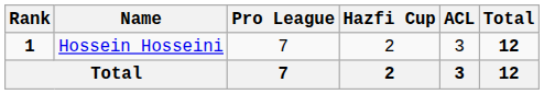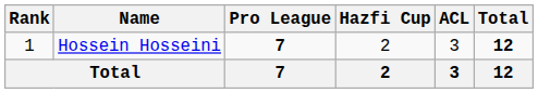 <table class="wikitable" style="text-align: center;">
 <tr>
 <th>Rank</th>
 <th>Name</th>
 <th>Pro League</th>
 <th>Hazfi Cup</th>
 <th>ACL</th>
 <th>Total</th>
 </tr>
 <tr>
-<td><strong>1</strong></td>
+<td>1</td>
 <td align=left><a href='#'>Hossein Hosseini</a></td>
-<td>7</td>
+<td><strong>7</strong></td>
 <td>2</td>
 <td>3</td>
 <td><strong>12</strong></td>
 </tr>
 <tr>
 <th colspan=2>Total</th>
 <th>7</th>
 <th>2</th>
 <th>3</th>
 <th>12</th>
 </tr>
 </table>
